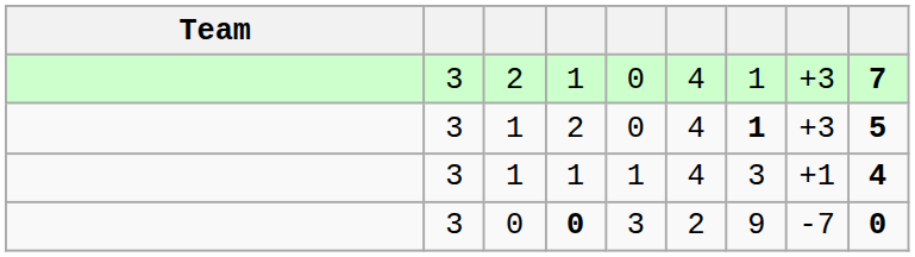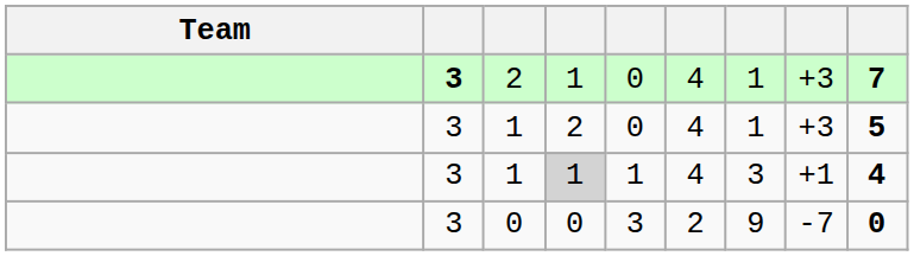 <table class="wikitable" style="text-align: center;">
 <tr>
 <th width="175">Team</th>
 <th width="20"></th>
 <th width="20"></th>
 <th width="20"></th>
 <th width="20"></th>
 <th width="20"></th>
 <th width="20"></th>
 <th width="20"></th>
 <th width="20"></th>
 </tr>
 <tr bgcolor=#CCFFCC>
 <td align=left></td>
-<td>3</td>
+<td><strong>3</strong></td>
 <td>2</td>
 <td>1</td>
 <td>0</td>
 <td>4</td>
 <td>1</td>
 <td>+3</td>
 <td><strong>7</strong></td>
 </tr>
 <tr>
 <td align=left></td>
 <td>3</td>
 <td>1</td>
 <td>2</td>
 <td>0</td>
 <td>4</td>
-<td><strong>1</strong></td>
+<td>1</td>
 <td>+3</td>
 <td><strong>5</strong></td>
 </tr>
 <tr>
 <td align=left></td>
 <td>3</td>
 <td>1</td>
-<td>1</td>
+<td style="background: lightgrey;">1</td>
 <td>1</td>
 <td>4</td>
 <td>3</td>
 <td>+1</td>
 <td><strong>4</strong></td>
 </tr>
 <tr>
 <td align=left></td>
 <td>3</td>
 <td>0</td>
-<td><strong>0</strong></td>
+<td>0</td>
 <td>3</td>
 <td>2</td>
 <td>9</td>
 <td>-7</td>
 <td><strong>0</strong></td>
 </tr>
 </table>
